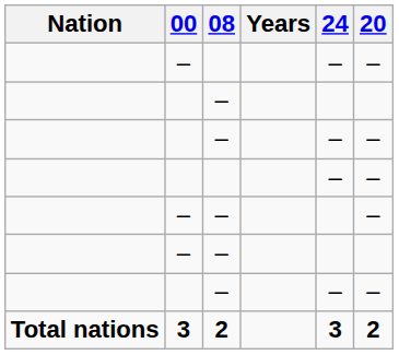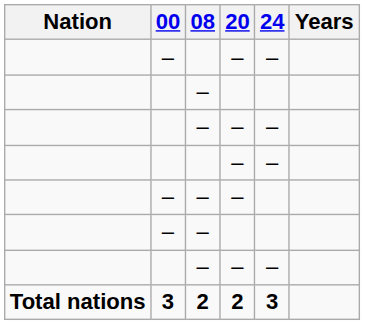 <table class="wikitable" style="text-align:center">
 <tr>
 <th>Nation</th>
 <th><a href='#'>00</a></th>
 <th><a href='#'>08</a></th>
+<th><a href='#'>20</a></th>
+<th><a href='#'>24</a></th>
 <th>Years</th>
-<th><a href='#'>24</a></th>
-<th><a href='#'>20</a></th>
 </tr>
 <tr>
 <td align=left></td>
 <td>–</td>
 <td></td>
-<td></td>
 <td>–</td>
 <td>–</td>
+<td></td>
 </tr>
 <tr>
 <td align=left></td>
 <td></td>
 <td>–</td>
 <td></td>
 <td></td>
 <td></td>
 </tr>
 <tr>
 <td align=left></td>
 <td></td>
 <td>–</td>
-<td></td>
 <td>–</td>
 <td>–</td>
+<td></td>
 </tr>
 <tr>
 <td align=left></td>
 <td></td>
 <td></td>
-<td></td>
 <td>–</td>
 <td>–</td>
+<td></td>
 </tr>
 <tr>
 <td align=left></td>
 <td>–</td>
 <td>–</td>
+<td>–</td>
 <td></td>
 <td></td>
-<td>–</td>
 </tr>
 <tr>
 <td align=left></td>
 <td>–</td>
 <td>–</td>
 <td></td>
 <td></td>
 <td></td>
 </tr>
 <tr>
 <td align=left></td>
 <td></td>
 <td>–</td>
-<td></td>
 <td>–</td>
 <td>–</td>
+<td></td>
 </tr>
 <tr>
 <td align=left><strong>Total nations</strong></td>
 <td><strong>3</strong></td>
 <td><strong>2</strong></td>
+<td><strong>2</strong></td>
+<td><strong>3</strong></td>
 <td></td>
-<td><strong>3</strong></td>
-<td><strong>2</strong></td>
 </tr>
 </table>
